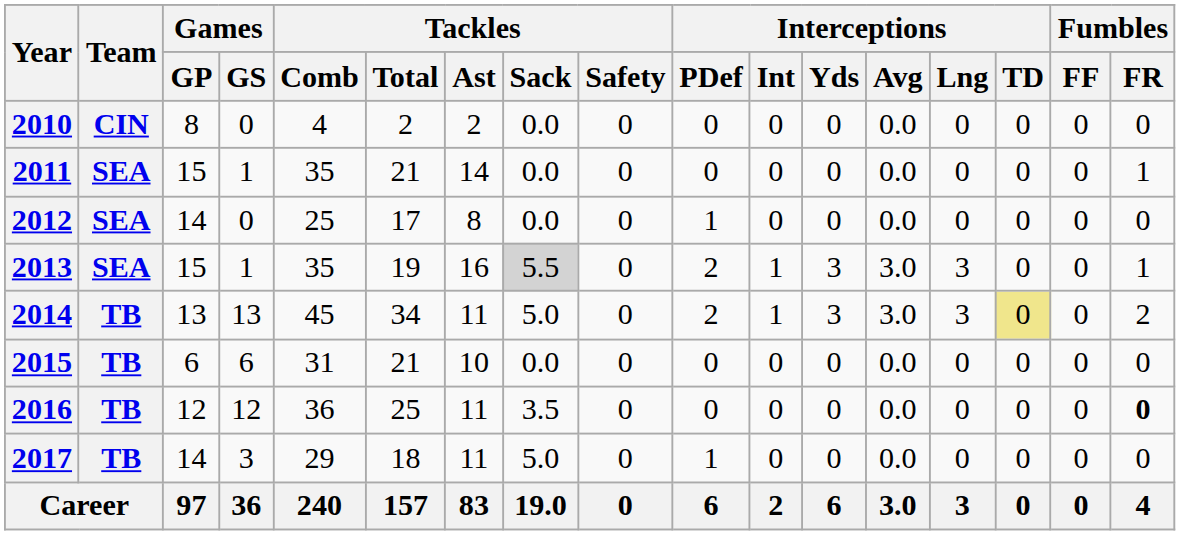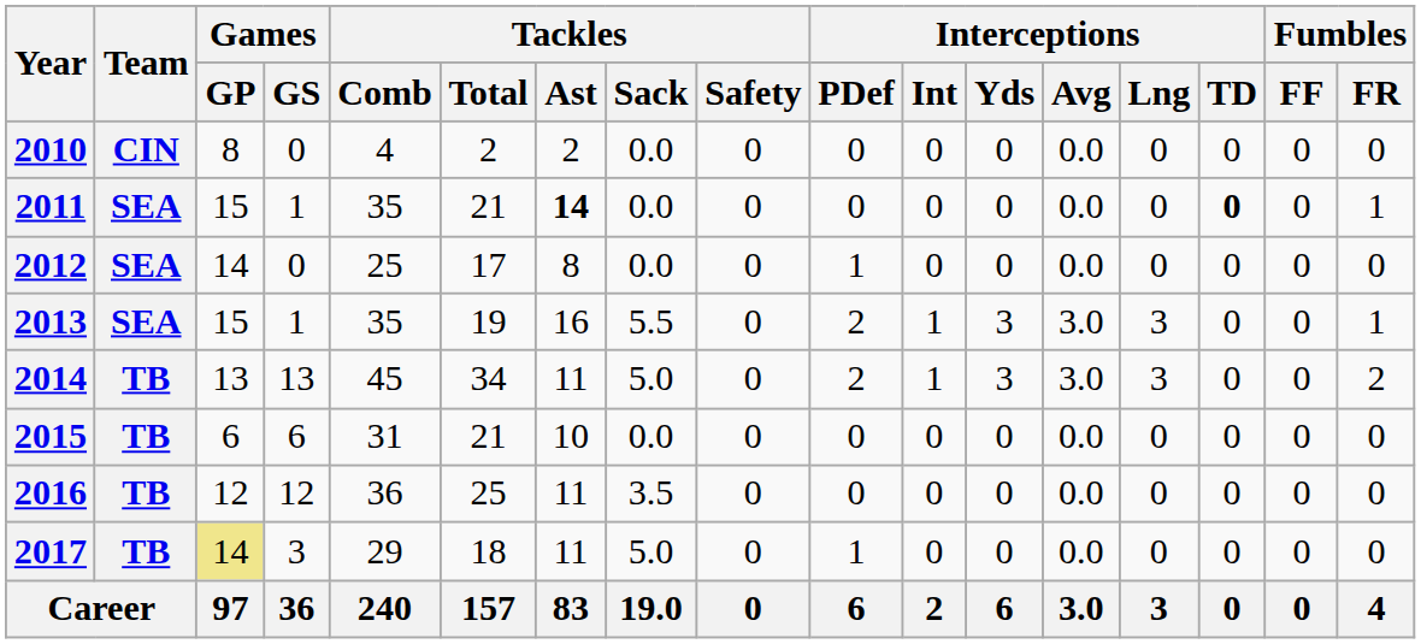 <table class="wikitable sortable" style="text-align:center">
 <tr>
 <th rowspan="2">Year</th>
 <th rowspan="2">Team</th>
 <th colspan="2">Games</th>
 <th colspan="5">Tackles</th>
 <th colspan="6">Interceptions</th>
 <th colspan="2">Fumbles</th>
 </tr>
 <tr>
 <th>GP</th>
 <th>GS</th>
 <th>Comb</th>
 <th>Total</th>
 <th>Ast</th>
 <th>Sack</th>
 <th>Safety</th>
 <th>PDef</th>
 <th>Int</th>
 <th>Yds</th>
 <th>Avg</th>
 <th>Lng</th>
 <th>TD</th>
 <th>FF</th>
 <th>FR</th>
 </tr>
 <tr>
 <th><a href='#'>2010</a></th>
 <th><a href='#'>CIN</a></th>
 <td>8</td>
 <td>0</td>
 <td>4</td>
 <td>2</td>
 <td>2</td>
 <td>0.0</td>
 <td>0</td>
 <td>0</td>
 <td>0</td>
 <td>0</td>
 <td>0.0</td>
 <td>0</td>
 <td>0</td>
 <td>0</td>
 <td>0</td>
 </tr>
 <tr>
 <th><a href='#'>2011</a></th>
 <th><a href='#'>SEA</a></th>
 <td>15</td>
 <td>1</td>
 <td>35</td>
 <td>21</td>
-<td>14</td>
+<td><strong>14</strong></td>
 <td>0.0</td>
 <td>0</td>
 <td>0</td>
 <td>0</td>
 <td>0</td>
 <td>0.0</td>
 <td>0</td>
-<td>0</td>
+<td><strong>0</strong></td>
 <td>0</td>
 <td>1</td>
 </tr>
 <tr>
 <th><a href='#'>2012</a></th>
 <th><a href='#'>SEA</a></th>
 <td>14</td>
 <td>0</td>
 <td>25</td>
 <td>17</td>
 <td>8</td>
 <td>0.0</td>
 <td>0</td>
 <td>1</td>
 <td>0</td>
 <td>0</td>
 <td>0.0</td>
 <td>0</td>
 <td>0</td>
 <td>0</td>
 <td>0</td>
 </tr>
 <tr>
 <th><a href='#'>2013</a></th>
 <th><a href='#'>SEA</a></th>
 <td>15</td>
 <td>1</td>
 <td>35</td>
 <td>19</td>
 <td>16</td>
-<td style="background: lightgrey;">5.5</td>
+<td>5.5</td>
 <td>0</td>
 <td>2</td>
 <td>1</td>
 <td>3</td>
 <td>3.0</td>
 <td>3</td>
 <td>0</td>
 <td>0</td>
 <td>1</td>
 </tr>
 <tr>
 <th><a href='#'>2014</a></th>
 <th><a href='#'>TB</a></th>
 <td>13</td>
 <td>13</td>
 <td>45</td>
 <td>34</td>
 <td>11</td>
 <td>5.0</td>
 <td>0</td>
 <td>2</td>
 <td>1</td>
 <td>3</td>
 <td>3.0</td>
 <td>3</td>
-<td style="background: khaki;">0</td>
+<td>0</td>
 <td>0</td>
 <td>2</td>
 </tr>
 <tr>
 <th><a href='#'>2015</a></th>
 <th><a href='#'>TB</a></th>
 <td>6</td>
 <td>6</td>
 <td>31</td>
 <td>21</td>
 <td>10</td>
 <td>0.0</td>
 <td>0</td>
 <td>0</td>
 <td>0</td>
 <td>0</td>
 <td>0.0</td>
 <td>0</td>
 <td>0</td>
 <td>0</td>
 <td>0</td>
 </tr>
 <tr>
 <th><a href='#'>2016</a></th>
 <th><a href='#'>TB</a></th>
 <td>12</td>
 <td>12</td>
 <td>36</td>
 <td>25</td>
 <td>11</td>
 <td>3.5</td>
 <td>0</td>
 <td>0</td>
 <td>0</td>
 <td>0</td>
 <td>0.0</td>
 <td>0</td>
 <td>0</td>
 <td>0</td>
-<td><strong>0</strong></td>
+<td>0</td>
 </tr>
 <tr>
 <th><a href='#'>2017</a></th>
 <th><a href='#'>TB</a></th>
-<td>14</td>
+<td style="background: khaki;">14</td>
 <td>3</td>
 <td>29</td>
 <td>18</td>
 <td>11</td>
 <td>5.0</td>
 <td>0</td>
 <td>1</td>
 <td>0</td>
 <td>0</td>
 <td>0.0</td>
 <td>0</td>
 <td>0</td>
 <td>0</td>
 <td>0</td>
 </tr>
 <tr>
 <th colspan="2">Career</th>
 <th>97</th>
 <th>36</th>
 <th>240</th>
 <th>157</th>
 <th>83</th>
 <th>19.0</th>
 <th>0</th>
 <th>6</th>
 <th>2</th>
 <th>6</th>
 <th>3.0</th>
 <th>3</th>
 <th>0</th>
 <th>0</th>
 <th>4</th>
 </tr>
 </table>
